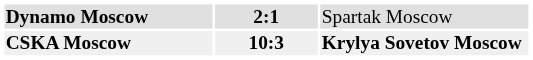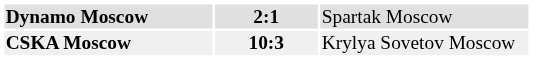 <table width="70%">
 <tr bgcolor="#e0e0e0">
 <td style="width:40%;"><strong>Dynamo Moscow</strong></td>
 <th style="width:20%;"><strong>2:1</strong></th>
 <td style="width:40%;">Spartak Moscow</td>
 </tr>
 <tr bgcolor="#f0f0f0">
 <td><strong>CSKA Moscow</strong></td>
 <td align="center"><strong>10:3</strong></td>
-<td><strong>Krylya Sovetov Moscow</strong></td>
+<td>Krylya Sovetov Moscow</td>
 </tr>
 </table>
